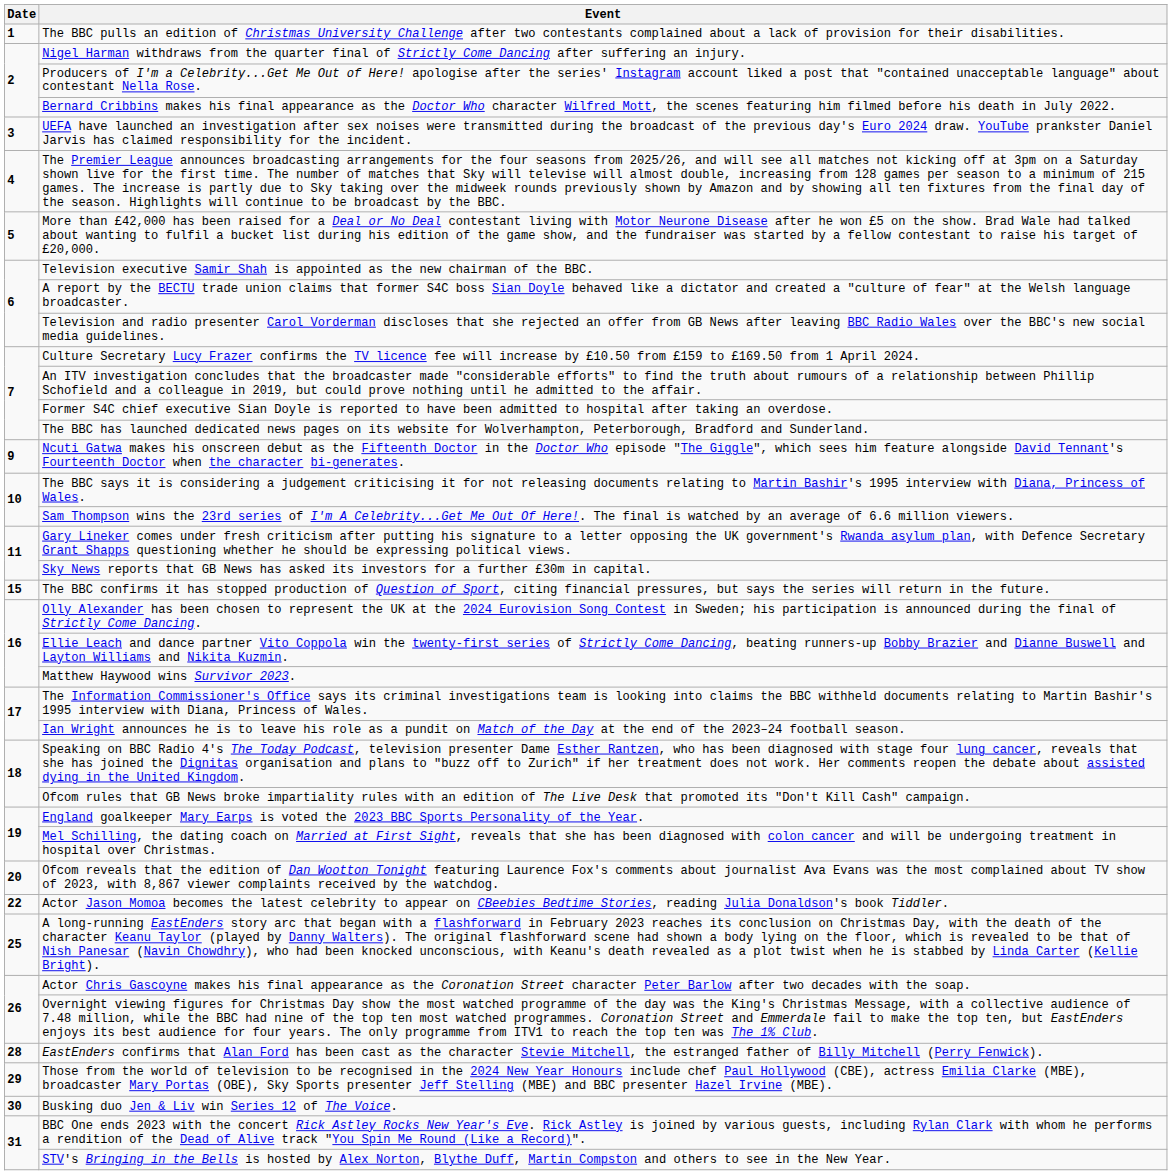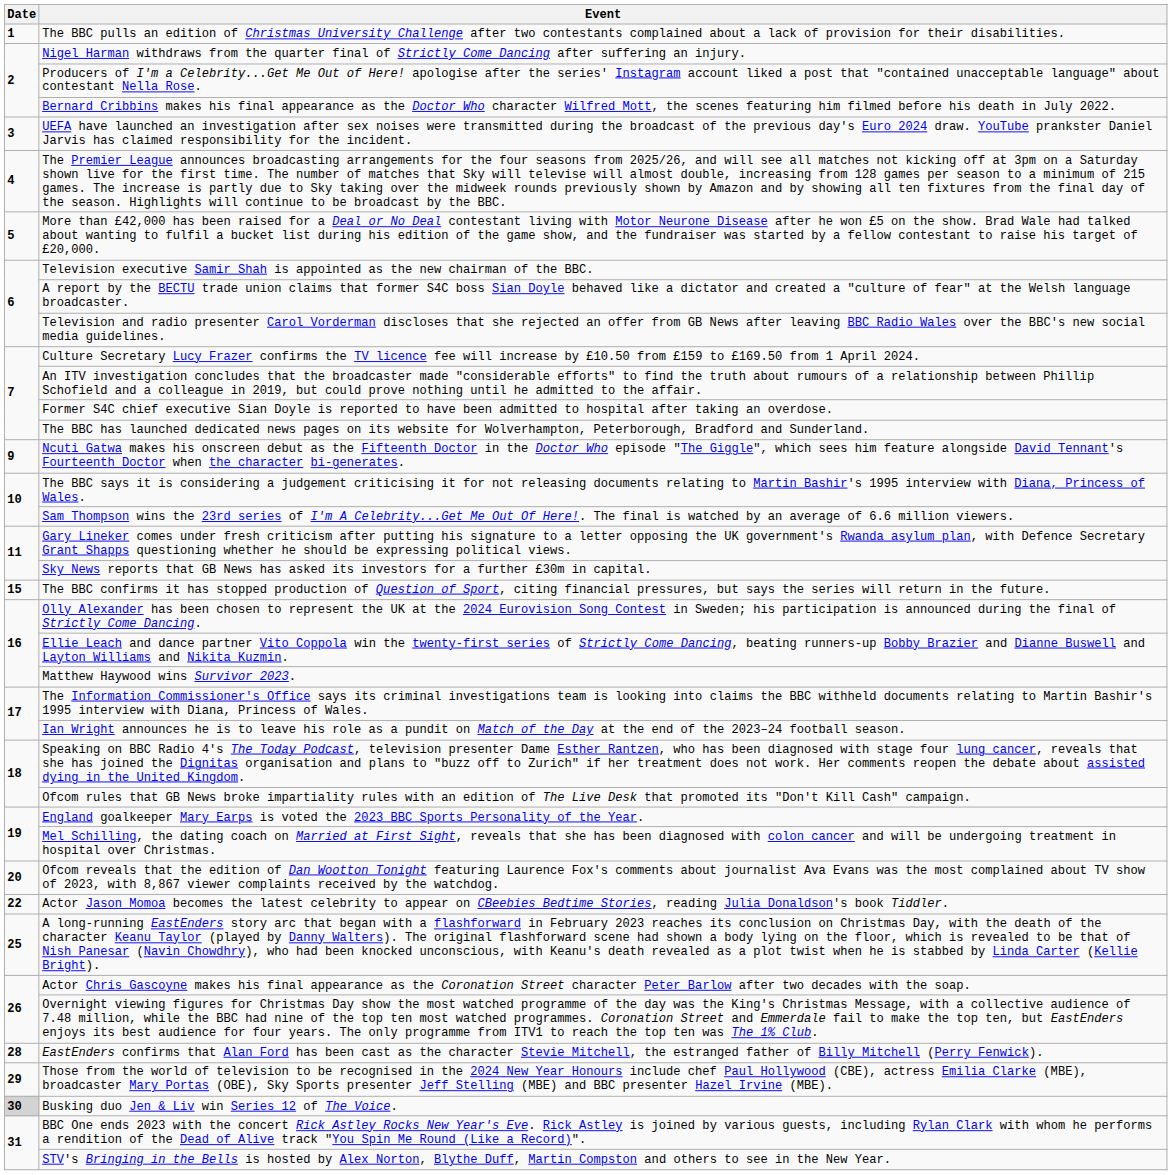 <table class="wikitable">
 <tr>
 <th>Date</th>
 <th>Event</th>
 </tr>
 <tr>
 <td><strong>1</strong></td>
 <td>The BBC pulls an edition of <em><a href='#'>Christmas University Challenge</a></em> after two contestants complained about a lack of provision for their disabilities.</td>
 </tr>
 <tr>
 <td rowspan=3><strong>2</strong></td>
 <td><a href='#'>Nigel Harman</a> withdraws from the quarter final of <em><a href='#'>Strictly Come Dancing</a></em> after suffering an injury.</td>
 </tr>
 <tr>
 <td>Producers of <em>I'm a Celebrity...Get Me Out of Here!</em> apologise after the series' <a href='#'>Instagram</a> account liked a post that "contained unacceptable language" about contestant <a href='#'>Nella Rose</a>.</td>
 </tr>
 <tr>
 <td><a href='#'>Bernard Cribbins</a> makes his final appearance as the <em><a href='#'>Doctor Who</a></em> character <a href='#'>Wilfred Mott</a>, the scenes featuring him filmed before his death in July 2022.</td>
 </tr>
 <tr>
 <td><strong>3</strong></td>
 <td><a href='#'>UEFA</a> have launched an investigation after sex noises were transmitted during the broadcast of the previous day's <a href='#'>Euro 2024</a> draw. <a href='#'>YouTube</a> prankster Daniel Jarvis has claimed responsibility for the incident.</td>
 </tr>
 <tr>
 <td><strong>4</strong></td>
 <td>The <a href='#'>Premier League</a> announces broadcasting arrangements for the four seasons from 2025/26, and will see all matches not kicking off at 3pm on a Saturday shown live for the first time. The number of matches that Sky will televise will almost double, increasing from 128 games per season to a minimum of 215 games. The increase is partly due to Sky taking over the midweek rounds previously shown by Amazon and by showing all ten fixtures from the final day of the season. Highlights will continue to be broadcast by the BBC.</td>
 </tr>
 <tr>
 <td><strong>5</strong></td>
 <td>More than £42,000 has been raised for a <em><a href='#'>Deal or No Deal</a></em> contestant living with <a href='#'>Motor Neurone Disease</a> after he won £5 on the show. Brad Wale had talked about wanting to fulfil a bucket list during his edition of the game show, and the fundraiser was started by a fellow contestant to raise his target of £20,000.</td>
 </tr>
 <tr>
 <td rowspan=3><strong>6</strong></td>
 <td>Television executive <a href='#'>Samir Shah</a> is appointed as the new chairman of the BBC.</td>
 </tr>
 <tr>
 <td>A report by the <a href='#'>BECTU</a> trade union claims that former S4C boss <a href='#'>Sian Doyle</a> behaved like a dictator and created a "culture of fear" at the Welsh language broadcaster.</td>
 </tr>
 <tr>
 <td>Television and radio presenter <a href='#'>Carol Vorderman</a> discloses that she rejected an offer from GB News after leaving <a href='#'>BBC Radio Wales</a> over the BBC's new social media guidelines.</td>
 </tr>
 <tr>
 <td rowspan=4><strong>7</strong></td>
 <td>Culture Secretary <a href='#'>Lucy Frazer</a> confirms the <a href='#'>TV licence</a> fee will increase by £10.50 from £159 to £169.50 from 1 April 2024.</td>
 </tr>
 <tr>
 <td>An ITV investigation concludes that the broadcaster made "considerable efforts" to find the truth about rumours of a relationship between Phillip Schofield and a colleague in 2019, but could prove nothing until he admitted to the affair.</td>
 </tr>
 <tr>
 <td>Former S4C chief executive Sian Doyle is reported to have been admitted to hospital after taking an overdose.</td>
 </tr>
 <tr>
 <td>The BBC has launched dedicated news pages on its website for Wolverhampton, Peterborough, Bradford and Sunderland.</td>
 </tr>
 <tr>
 <td><strong>9</strong></td>
 <td><a href='#'>Ncuti Gatwa</a> makes his onscreen debut as the <a href='#'>Fifteenth Doctor</a> in the <em><a href='#'>Doctor Who</a></em> episode "<a href='#'>The Giggle</a>", which sees him feature alongside <a href='#'>David Tennant</a>'s <a href='#'>Fourteenth Doctor</a> when <a href='#'>the character</a> <a href='#'>bi-generates</a>.</td>
 </tr>
 <tr>
 <td rowspan=2><strong>10</strong></td>
 <td>The BBC says it is considering a judgement criticising it for not releasing documents relating to <a href='#'>Martin Bashir</a>'s 1995 interview with <a href='#'>Diana, Princess of Wales</a>.</td>
 </tr>
 <tr>
 <td><a href='#'>Sam Thompson</a> wins the <a href='#'>23rd series</a> of <em><a href='#'>I'm A Celebrity...Get Me Out Of Here!</a></em>. The final is watched by an average of 6.6 million viewers.</td>
 </tr>
 <tr>
 <td rowspan=2><strong>11</strong></td>
 <td><a href='#'>Gary Lineker</a> comes under fresh criticism after putting his signature to a letter opposing the UK government's <a href='#'>Rwanda asylum plan</a>, with Defence Secretary <a href='#'>Grant Shapps</a> questioning whether he should be expressing political views.</td>
 </tr>
 <tr>
 <td><a href='#'>Sky News</a> reports that GB News has asked its investors for a further £30m in capital.</td>
 </tr>
 <tr>
 <td><strong>15</strong></td>
 <td>The BBC confirms it has stopped production of <em><a href='#'>Question of Sport</a></em>, citing financial pressures, but says the series will return in the future.</td>
 </tr>
 <tr>
 <td rowspan=3><strong>16</strong></td>
 <td><a href='#'>Olly Alexander</a> has been chosen to represent the UK at the <a href='#'>2024 Eurovision Song Contest</a> in Sweden; his participation is announced during the final of <em><a href='#'>Strictly Come Dancing</a></em>.</td>
 </tr>
 <tr>
 <td><a href='#'>Ellie Leach</a> and dance partner <a href='#'>Vito Coppola</a> win the <a href='#'>twenty-first series</a> of <em><a href='#'>Strictly Come Dancing</a></em>, beating runners-up <a href='#'>Bobby Brazier</a> and <a href='#'>Dianne Buswell</a> and <a href='#'>Layton Williams</a> and <a href='#'>Nikita Kuzmin</a>.</td>
 </tr>
 <tr>
 <td>Matthew Haywood wins <em><a href='#'>Survivor 2023</a></em>.</td>
 </tr>
 <tr>
 <td rowspan=2><strong>17</strong></td>
 <td>The <a href='#'>Information Commissioner's Office</a> says its criminal investigations team is looking into claims the BBC withheld documents relating to Martin Bashir's 1995 interview with Diana, Princess of Wales.</td>
 </tr>
 <tr>
 <td><a href='#'>Ian Wright</a> announces he is to leave his role as a pundit on <em><a href='#'>Match of the Day</a></em> at the end of the 2023–24 football season.</td>
 </tr>
 <tr>
 <td rowspan=2><strong>18</strong></td>
 <td>Speaking on BBC Radio 4's <em><a href='#'>The Today Podcast</a></em>, television presenter Dame <a href='#'>Esther Rantzen</a>, who has been diagnosed with stage four <a href='#'>lung cancer</a>, reveals that she has joined the <a href='#'>Dignitas</a> organisation and plans to "buzz off to Zurich" if her treatment does not work. Her comments reopen the debate about <a href='#'>assisted dying in the United Kingdom</a>.</td>
 </tr>
 <tr>
 <td>Ofcom rules that GB News broke impartiality rules with an edition of <em>The Live Desk</em> that promoted its "Don't Kill Cash" campaign.</td>
 </tr>
 <tr>
 <td rowspan=2><strong>19</strong></td>
 <td><a href='#'>England</a> goalkeeper <a href='#'>Mary Earps</a> is voted the <a href='#'>2023 BBC Sports Personality of the Year</a>.</td>
 </tr>
 <tr>
 <td><a href='#'>Mel Schilling</a>, the dating coach on <em><a href='#'>Married at First Sight</a></em>, reveals that she has been diagnosed with <a href='#'>colon cancer</a> and will be undergoing treatment in hospital over Christmas.</td>
 </tr>
 <tr>
 <td><strong>20</strong></td>
 <td>Ofcom reveals that the edition of <em><a href='#'>Dan Wootton Tonight</a></em> featuring Laurence Fox's comments about journalist Ava Evans was the most complained about TV show of 2023, with 8,867 viewer complaints received by the watchdog.</td>
 </tr>
 <tr>
 <td><strong>22</strong></td>
 <td>Actor <a href='#'>Jason Momoa</a> becomes the latest celebrity to appear on <em><a href='#'>CBeebies Bedtime Stories</a></em>, reading <a href='#'>Julia Donaldson</a>'s book <em>Tiddler</em>.</td>
 </tr>
 <tr>
 <td><strong>25</strong></td>
 <td>A long-running <em><a href='#'>EastEnders</a></em> story arc that began with a <a href='#'>flashforward</a> in February 2023 reaches its conclusion on Christmas Day, with the death of the character <a href='#'>Keanu Taylor</a> (played by <a href='#'>Danny Walters</a>). The original flashforward scene had shown a body lying on the floor, which is revealed to be that of <a href='#'>Nish Panesar</a> (<a href='#'>Navin Chowdhry</a>), who had been knocked unconscious, with Keanu's death revealed as a plot twist when he is stabbed by <a href='#'>Linda Carter</a> (<a href='#'>Kellie Bright</a>).</td>
 </tr>
 <tr>
 <td rowspan=2><strong>26</strong></td>
 <td>Actor <a href='#'>Chris Gascoyne</a> makes his final appearance as the <em>Coronation Street</em> character <a href='#'>Peter Barlow</a> after two decades with the soap.</td>
 </tr>
 <tr>
 <td>Overnight viewing figures for Christmas Day show the most watched programme of the day was the King's Christmas Message, with a collective audience of 7.48 million, while the BBC had nine of the top ten most watched programmes. <em>Coronation Street</em> and <em>Emmerdale</em> fail to make the top ten, but <em>EastEnders</em> enjoys its best audience for four years. The only programme from ITV1 to reach the top ten was <em><a href='#'>The 1% Club</a></em>.</td>
 </tr>
 <tr>
 <td><strong>28</strong></td>
 <td><em>EastEnders</em> confirms that <a href='#'>Alan Ford</a> has been cast as the character <a href='#'>Stevie Mitchell</a>, the estranged father of <a href='#'>Billy Mitchell</a> (<a href='#'>Perry Fenwick</a>).</td>
 </tr>
 <tr>
 <td><strong>29</strong></td>
 <td>Those from the world of television to be recognised in the <a href='#'>2024 New Year Honours</a> include chef <a href='#'>Paul Hollywood</a> (CBE), actress <a href='#'>Emilia Clarke</a> (MBE), broadcaster <a href='#'>Mary Portas</a> (OBE), Sky Sports presenter <a href='#'>Jeff Stelling</a> (MBE) and BBC presenter <a href='#'>Hazel Irvine</a> (MBE).</td>
 </tr>
 <tr>
-<td><strong>30</strong></td>
+<td style="background: lightgrey;"><strong>30</strong></td>
 <td>Busking duo <a href='#'>Jen & Liv</a> win <a href='#'>Series 12</a> of <em><a href='#'>The Voice</a></em>.</td>
 </tr>
 <tr>
 <td rowspan=2><strong>31</strong></td>
 <td>BBC One ends 2023 with the concert <em><a href='#'>Rick Astley Rocks New Year's Eve</a></em>. <a href='#'>Rick Astley</a> is joined by various guests, including <a href='#'>Rylan Clark</a> with whom he performs a rendition of the <a href='#'>Dead of Alive</a> track "<a href='#'>You Spin Me Round (Like a Record)</a>".</td>
 </tr>
 <tr>
 <td><a href='#'>STV</a>'s <em><a href='#'>Bringing in the Bells</a></em> is hosted by <a href='#'>Alex Norton</a>, <a href='#'>Blythe Duff</a>, <a href='#'>Martin Compston</a> and others to see in the New Year.</td>
 </tr>
 </table>
